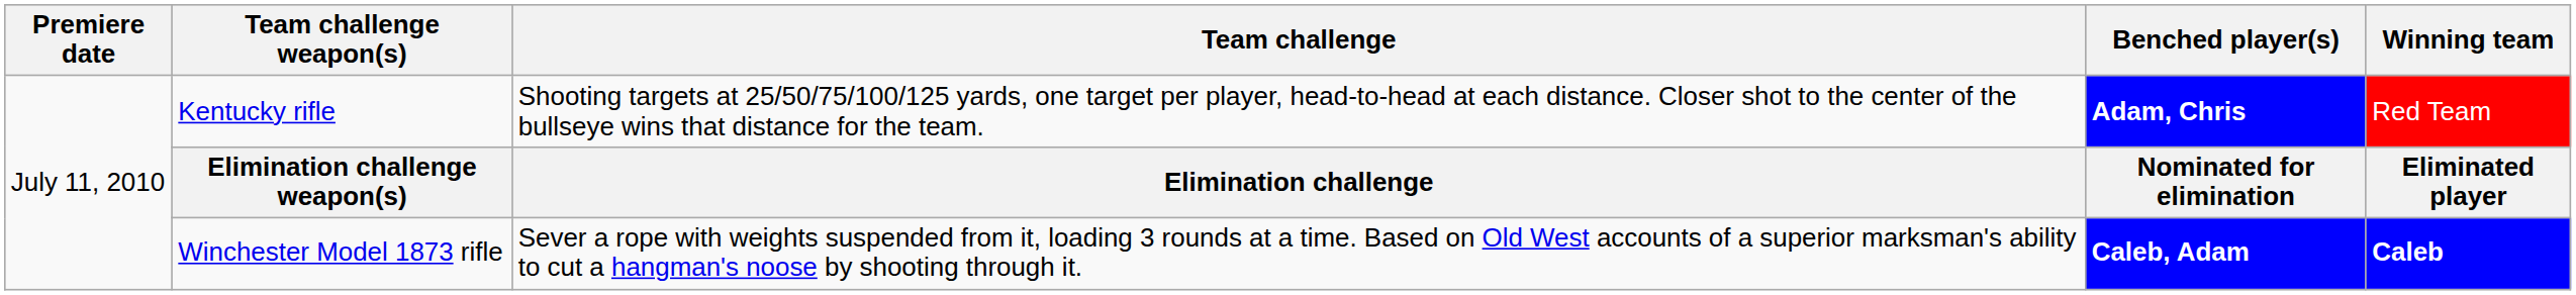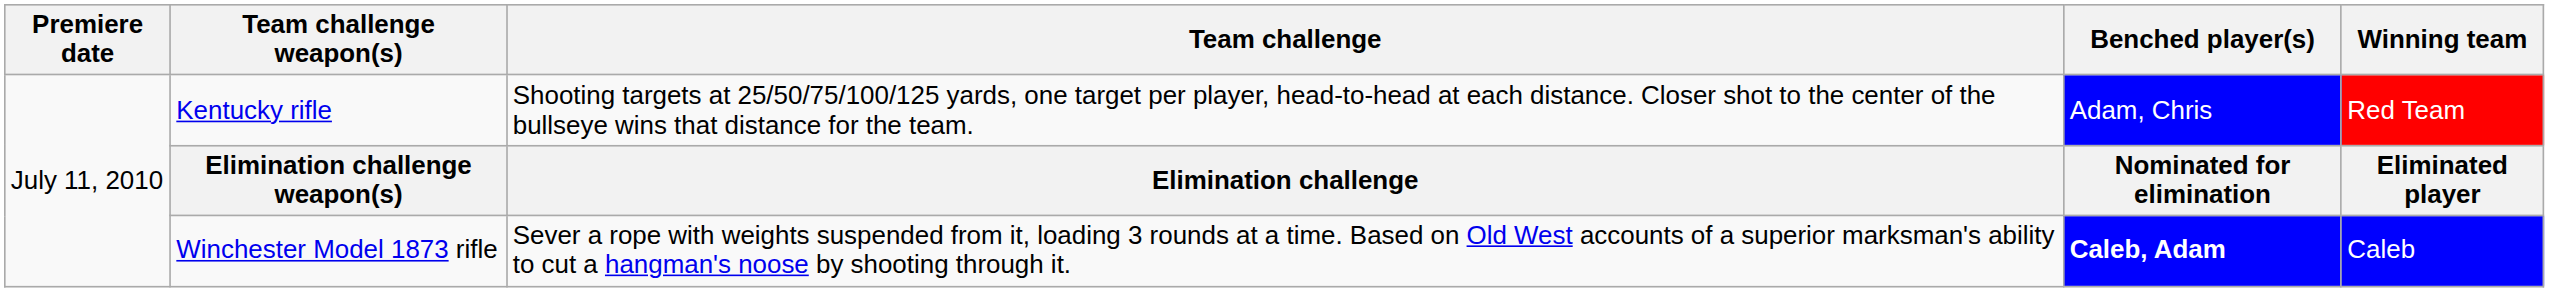 <table class="wikitable">
 <tr>
 <th>Premiere date</th>
 <th>Team challenge weapon(s)</th>
 <th>Team challenge</th>
 <th>Benched player(s)</th>
 <th>Winning team</th>
 </tr>
 <tr>
 <td rowspan="3">July 11, 2010</td>
 <td><a href='#'>Kentucky rifle</a></td>
 <td>Shooting targets at 25/50/75/100/125 yards, one target per player, head-to-head at each distance. Closer shot to the center of the bullseye wins that distance for the team.</td>
-<td style="background:blue; color:white;"><strong>Adam, Chris</strong></td>
+<td style="background:blue; color:white;">Adam, Chris</td>
 <td style="background:red; color:white;">Red Team</td>
 </tr>
 <tr>
 <th>Elimination challenge weapon(s)</th>
 <th>Elimination challenge</th>
 <th>Nominated for elimination</th>
 <th>Eliminated player</th>
 </tr>
 <tr>
 <td><a href='#'>Winchester Model 1873</a> rifle</td>
 <td>Sever a rope with weights suspended from it, loading 3 rounds at a time. Based on <a href='#'>Old West</a> accounts of a superior marksman's ability to cut a <a href='#'>hangman's noose</a> by shooting through it.</td>
 <td style="background:blue; color:white;"><strong>Caleb, Adam</strong></td>
-<td style="background:blue; color:white;"><strong>Caleb</strong></td>
+<td style="background:blue; color:white;">Caleb</td>
 </tr>
 </table>
